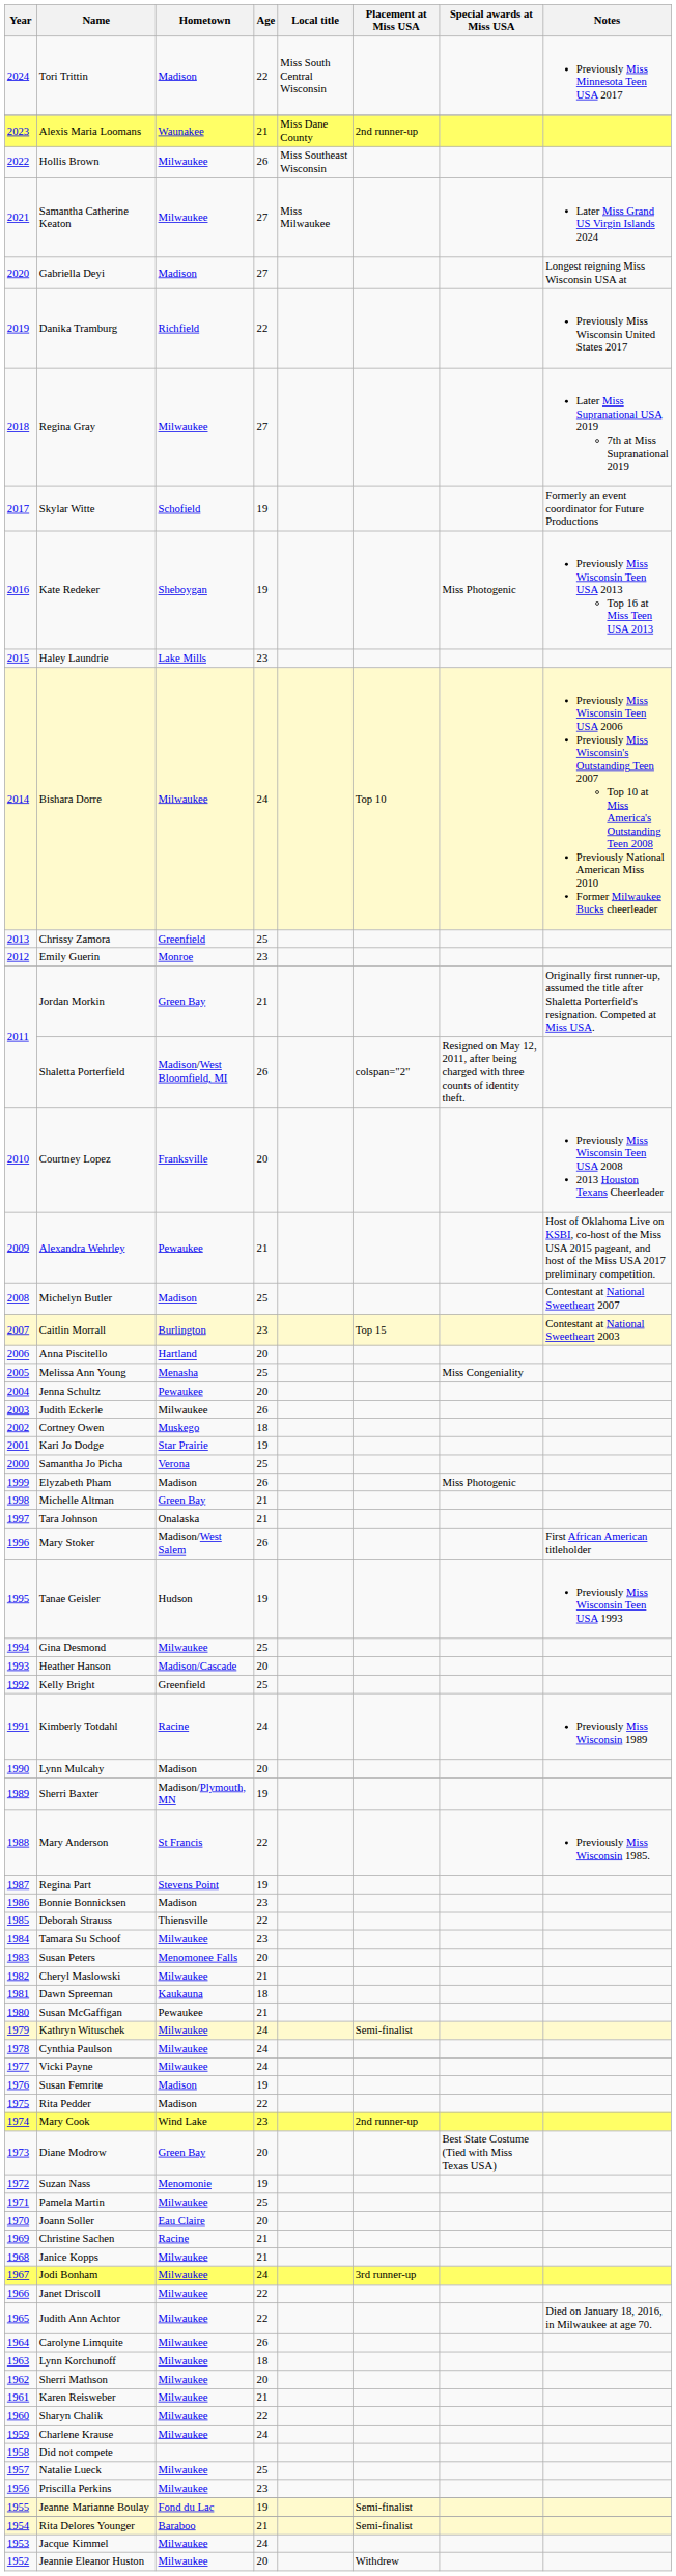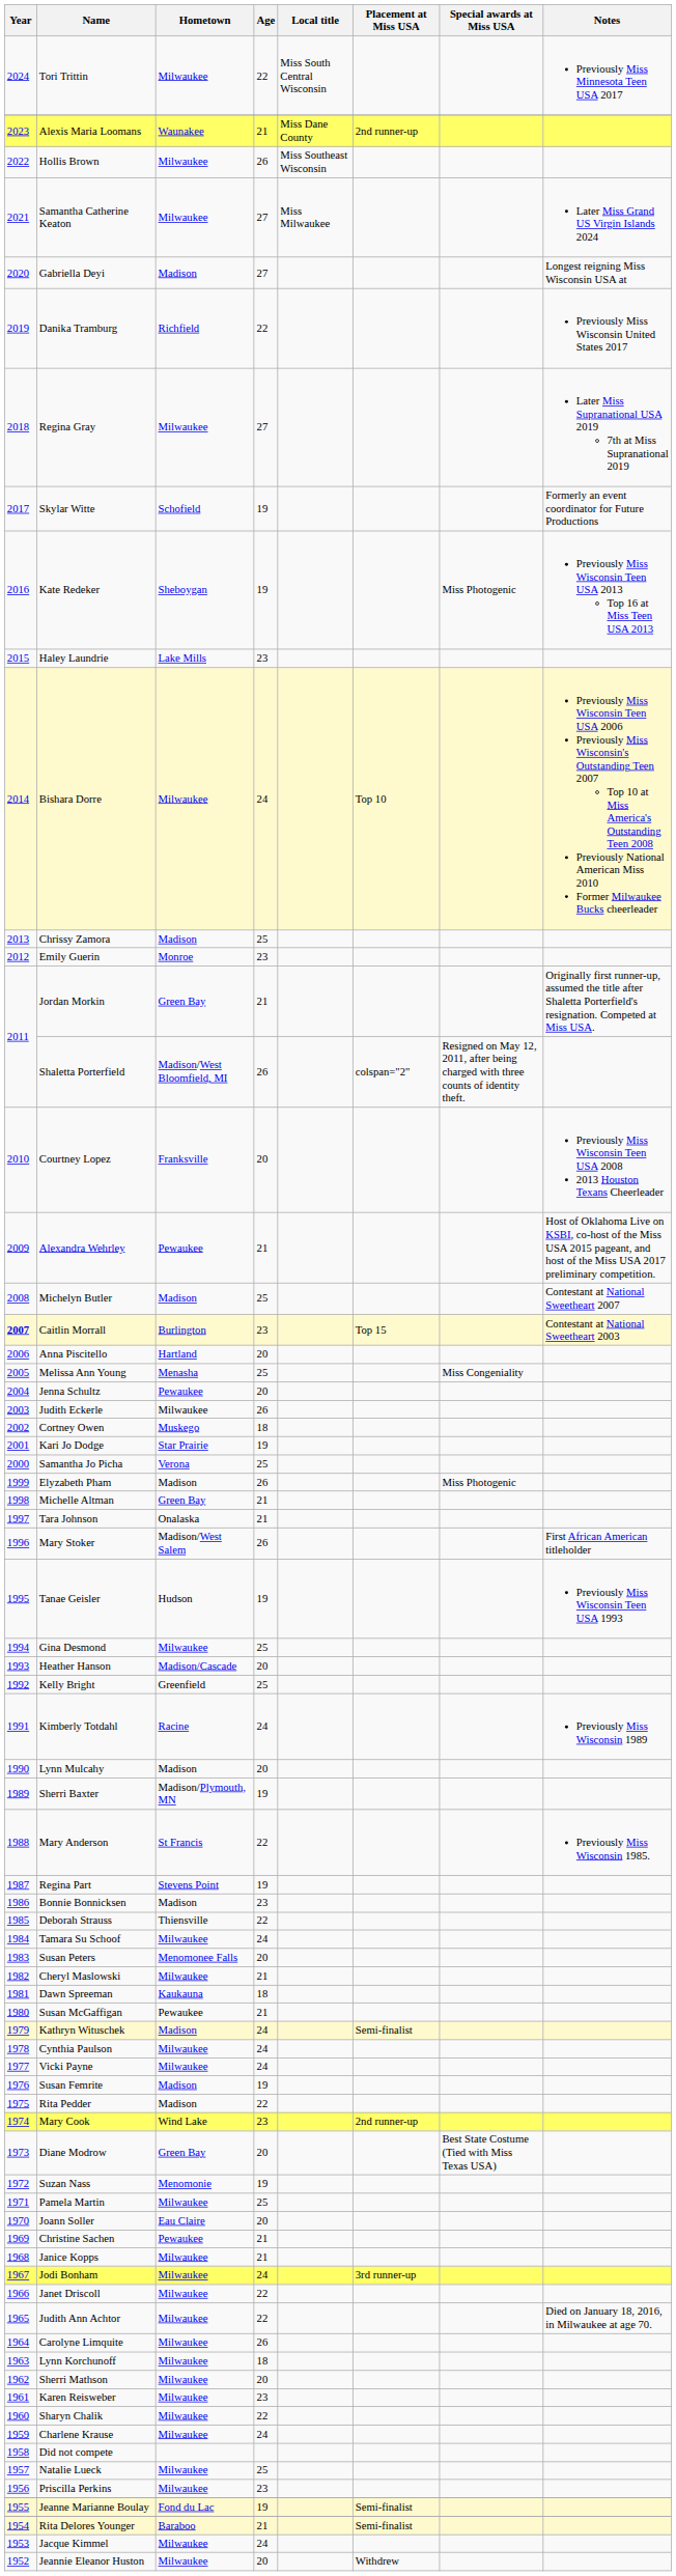 <table class="wikitable sortable" style="font-size:90%;">
 <tr bgcolor="#efefef">
 <th width=5%>Year</th>
 <th width=20%>Name</th>
 <th width=15%>Hometown</th>
 <th width=3%>Age</th>
 <th width=12%>Local title</th>
 <th width=14%>Placement at Miss USA</th>
 <th width=17%>Special awards at Miss USA</th>
 <th width=26%>Notes</th>
 </tr>
 <tr>
 <td><a href='#'>2024</a></td>
 <td>Tori Trittin</td>
-<td><a href='#'>Madison</a></td>
+<td><a href='#'>Milwaukee</a></td>
 <td>22</td>
 <td>Miss South Central Wisconsin</td>
 <td></td>
 <td></td>
 <td><br><ul><li>Previously <a href='#'>Miss Minnesota Teen USA</a> 2017</li></ul></td>
 </tr>
 <tr>
 </tr>
 <tr style="background-color:#FFFF66;">
 <td><a href='#'>2023</a></td>
 <td>Alexis Maria Loomans</td>
 <td><a href='#'>Waunakee</a></td>
 <td>21</td>
 <td>Miss Dane County</td>
 <td>2nd runner-up</td>
 <td></td>
 <td></td>
 </tr>
 <tr>
 <td><a href='#'>2022</a></td>
 <td>Hollis Brown</td>
 <td><a href='#'>Milwaukee</a></td>
 <td>26</td>
 <td>Miss Southeast Wisconsin</td>
 <td></td>
 <td></td>
 <td></td>
 </tr>
 <tr>
 <td><a href='#'>2021</a></td>
 <td>Samantha Catherine Keaton</td>
 <td><a href='#'>Milwaukee</a></td>
 <td>27</td>
 <td>Miss Milwaukee</td>
 <td></td>
 <td></td>
 <td><br><ul><li>Later <a href='#'>Miss Grand US Virgin Islands</a> 2024</li></ul></td>
 </tr>
 <tr>
 <td><a href='#'>2020</a></td>
 <td>Gabriella Deyi</td>
 <td><a href='#'>Madison</a></td>
 <td>27</td>
 <td></td>
 <td></td>
 <td></td>
 <td>Longest reigning Miss Wisconsin USA at </td>
 </tr>
 <tr>
 <td><a href='#'>2019</a></td>
 <td>Danika Tramburg</td>
 <td><a href='#'>Richfield</a></td>
 <td>22</td>
 <td></td>
 <td></td>
 <td></td>
 <td><br><ul><li>Previously Miss Wisconsin United States 2017</li></ul></td>
 </tr>
 <tr>
 <td><a href='#'>2018</a></td>
 <td>Regina Gray</td>
 <td><a href='#'>Milwaukee</a></td>
 <td>27</td>
 <td></td>
 <td></td>
 <td></td>
 <td><br><ul><li>Later <a href='#'>Miss Supranational USA</a> 2019<ul><li>7th at Miss Supranational 2019</li></ul></li></ul></td>
 </tr>
 <tr>
 <td><a href='#'>2017</a></td>
 <td>Skylar Witte</td>
 <td><a href='#'>Schofield</a></td>
 <td>19</td>
 <td></td>
 <td></td>
 <td></td>
 <td>Formerly an event coordinator for Future Productions</td>
 </tr>
 <tr>
 <td><a href='#'>2016</a></td>
 <td>Kate Redeker</td>
 <td><a href='#'>Sheboygan</a></td>
 <td>19</td>
 <td></td>
 <td></td>
 <td>Miss Photogenic</td>
 <td><br><ul><li>Previously <a href='#'>Miss Wisconsin Teen USA</a> 2013<ul><li>Top 16 at <a href='#'>Miss Teen USA 2013</a></li></ul></li></ul></td>
 </tr>
 <tr>
 <td><a href='#'>2015</a></td>
 <td>Haley Laundrie</td>
 <td><a href='#'>Lake Mills</a></td>
 <td>23</td>
 <td></td>
 <td></td>
 <td></td>
 <td></td>
 </tr>
 <tr style="background-color:#FFFACD;">
 <td><a href='#'>2014</a></td>
 <td>Bishara Dorre</td>
 <td><a href='#'>Milwaukee</a></td>
 <td>24</td>
 <td></td>
 <td>Top 10</td>
 <td></td>
 <td><br><ul><li>Previously <a href='#'>Miss Wisconsin Teen USA</a> 2006</li><li>Previously <a href='#'>Miss Wisconsin's Outstanding Teen</a> 2007<ul><li>Top 10 at <a href='#'>Miss America's Outstanding Teen 2008</a></li></ul></li><li>Previously National American Miss 2010</li><li>Former <a href='#'>Milwaukee Bucks</a> cheerleader</li></ul></td>
 </tr>
 <tr>
 <td><a href='#'>2013</a></td>
 <td>Chrissy Zamora</td>
-<td><a href='#'>Greenfield</a></td>
+<td><a href='#'>Madison</a></td>
 <td>25</td>
 <td></td>
 <td></td>
 <td></td>
 <td></td>
 </tr>
 <tr>
 <td><a href='#'>2012</a></td>
 <td>Emily Guerin</td>
 <td><a href='#'>Monroe</a></td>
 <td>23</td>
 <td></td>
 <td></td>
 <td></td>
 <td></td>
 </tr>
 <tr>
 <td rowspan=2><a href='#'>2011</a></td>
 <td>Jordan Morkin</td>
 <td><a href='#'>Green Bay</a></td>
 <td>21</td>
 <td></td>
 <td></td>
 <td></td>
 <td>Originally first runner-up, assumed the title after Shaletta Porterfield's resignation. Competed at <a href='#'>Miss USA</a>.</td>
 </tr>
 <tr>
 <td>Shaletta Porterfield</td>
 <td><a href='#'>Madison</a>/<a href='#'>West Bloomfield, MI</a></td>
 <td>26</td>
 <td></td>
 <td>colspan="2" </td>
 <td>Resigned on May 12, 2011, after being charged with three counts of identity theft.</td>
 </tr>
 <tr>
 <td><a href='#'>2010</a></td>
 <td>Courtney Lopez</td>
 <td><a href='#'>Franksville</a></td>
 <td>20</td>
 <td></td>
 <td></td>
 <td></td>
 <td><br><ul><li>Previously <a href='#'>Miss Wisconsin Teen USA</a> 2008</li><li>2013 <a href='#'>Houston Texans</a> Cheerleader</li></ul></td>
 </tr>
 <tr>
 <td><a href='#'>2009</a></td>
 <td><a href='#'>Alexandra Wehrley</a></td>
 <td><a href='#'>Pewaukee</a></td>
 <td>21</td>
 <td></td>
 <td></td>
 <td></td>
 <td>Host of Oklahoma Live on <a href='#'>KSBI</a>, co-host of the Miss USA 2015 pageant, and host of the Miss USA 2017 preliminary competition.</td>
 </tr>
 <tr>
 <td><a href='#'>2008</a></td>
 <td>Michelyn Butler</td>
 <td><a href='#'>Madison</a></td>
 <td>25</td>
 <td></td>
 <td></td>
 <td></td>
 <td>Contestant at <a href='#'>National Sweetheart</a> 2007</td>
 </tr>
 <tr style="background-color:#FFFACD;">
-<td><a href='#'>2007</a></td>
+<td><strong><a href='#'>2007</a></strong></td>
 <td>Caitlin Morrall</td>
 <td><a href='#'>Burlington</a></td>
 <td>23</td>
 <td></td>
 <td>Top 15</td>
 <td></td>
 <td>Contestant at <a href='#'>National Sweetheart</a> 2003</td>
 </tr>
 <tr>
 <td><a href='#'>2006</a></td>
 <td>Anna Piscitello</td>
 <td><a href='#'>Hartland</a></td>
 <td>20</td>
 <td></td>
 <td></td>
 <td></td>
 <td></td>
 </tr>
 <tr>
 <td><a href='#'>2005</a></td>
 <td>Melissa Ann Young</td>
 <td><a href='#'>Menasha</a></td>
 <td>25</td>
 <td></td>
 <td></td>
 <td>Miss Congeniality</td>
 <td></td>
 </tr>
 <tr>
 <td><a href='#'>2004</a></td>
 <td>Jenna Schultz</td>
 <td><a href='#'>Pewaukee</a></td>
 <td>20</td>
 <td></td>
 <td></td>
 <td></td>
 <td></td>
 </tr>
 <tr>
 <td><a href='#'>2003</a></td>
 <td>Judith Eckerle</td>
 <td>Milwaukee</td>
 <td>26</td>
 <td></td>
 <td></td>
 <td></td>
 <td></td>
 </tr>
 <tr>
 <td><a href='#'>2002</a></td>
 <td>Cortney Owen</td>
 <td><a href='#'>Muskego</a></td>
 <td>18</td>
 <td></td>
 <td></td>
 <td></td>
 <td></td>
 </tr>
 <tr>
 <td><a href='#'>2001</a></td>
 <td>Kari Jo Dodge</td>
 <td><a href='#'>Star Prairie</a></td>
 <td>19</td>
 <td></td>
 <td></td>
 <td></td>
 <td></td>
 </tr>
 <tr>
 <td><a href='#'>2000</a></td>
 <td>Samantha Jo Picha</td>
 <td><a href='#'>Verona</a></td>
 <td>25</td>
 <td></td>
 <td></td>
 <td></td>
 <td></td>
 </tr>
 <tr>
 <td><a href='#'>1999</a></td>
 <td>Elyzabeth Pham</td>
 <td>Madison</td>
 <td>26</td>
 <td></td>
 <td></td>
 <td>Miss Photogenic</td>
 <td></td>
 </tr>
 <tr>
 <td><a href='#'>1998</a></td>
 <td>Michelle Altman</td>
 <td><a href='#'>Green Bay</a></td>
 <td>21</td>
 <td></td>
 <td></td>
 <td></td>
 <td></td>
 </tr>
 <tr>
 <td><a href='#'>1997</a></td>
 <td>Tara Johnson</td>
 <td>Onalaska</td>
 <td>21</td>
 <td></td>
 <td></td>
 <td></td>
 <td></td>
 </tr>
 <tr>
 <td><a href='#'>1996</a></td>
 <td>Mary Stoker</td>
 <td>Madison/<a href='#'>West Salem</a></td>
 <td>26</td>
 <td></td>
 <td></td>
 <td></td>
 <td>First <a href='#'>African American</a> titleholder</td>
 </tr>
 <tr>
 <td><a href='#'>1995</a></td>
 <td>Tanae Geisler</td>
 <td>Hudson</td>
 <td>19</td>
 <td></td>
 <td></td>
 <td></td>
 <td><br><ul><li>Previously <a href='#'>Miss Wisconsin Teen USA</a> 1993</li></ul></td>
 </tr>
 <tr>
 <td><a href='#'>1994</a></td>
 <td>Gina Desmond</td>
 <td><a href='#'>Milwaukee</a></td>
 <td>25</td>
 <td></td>
 <td></td>
 <td></td>
 <td></td>
 </tr>
 <tr>
 <td><a href='#'>1993</a></td>
 <td>Heather Hanson</td>
 <td><a href='#'>Madison/Cascade</a></td>
 <td>20</td>
 <td></td>
 <td></td>
 <td></td>
 <td></td>
 </tr>
 <tr>
 <td><a href='#'>1992</a></td>
 <td>Kelly Bright</td>
 <td>Greenfield</td>
 <td>25</td>
 <td></td>
 <td></td>
 <td></td>
 <td></td>
 </tr>
 <tr>
 <td><a href='#'>1991</a></td>
 <td>Kimberly Totdahl</td>
 <td><a href='#'>Racine</a></td>
 <td>24</td>
 <td></td>
 <td></td>
 <td></td>
 <td><br><ul><li>Previously <a href='#'>Miss Wisconsin</a> 1989</li></ul></td>
 </tr>
 <tr>
 <td><a href='#'>1990</a></td>
 <td>Lynn Mulcahy</td>
 <td>Madison</td>
 <td>20</td>
 <td></td>
 <td></td>
 <td></td>
 <td></td>
 </tr>
 <tr>
 <td><a href='#'>1989</a></td>
 <td>Sherri Baxter</td>
 <td>Madison/<a href='#'>Plymouth, MN</a></td>
 <td>19</td>
 <td></td>
 <td></td>
 <td></td>
 <td></td>
 </tr>
 <tr>
 <td><a href='#'>1988</a></td>
 <td>Mary Anderson</td>
 <td><a href='#'>St Francis</a></td>
 <td>22</td>
 <td></td>
 <td></td>
 <td></td>
 <td><br><ul><li>Previously <a href='#'>Miss Wisconsin</a> 1985.</li></ul></td>
 </tr>
 <tr>
 <td><a href='#'>1987</a></td>
 <td>Regina Part</td>
 <td><a href='#'>Stevens Point</a></td>
 <td>19</td>
 <td></td>
 <td></td>
 <td></td>
 <td></td>
 </tr>
 <tr>
 <td><a href='#'>1986</a></td>
 <td>Bonnie Bonnicksen</td>
 <td>Madison</td>
 <td>23</td>
 <td></td>
 <td></td>
 <td></td>
 <td></td>
 </tr>
 <tr>
 <td><a href='#'>1985</a></td>
 <td>Deborah Strauss</td>
 <td>Thiensville</td>
 <td>22</td>
 <td></td>
 <td></td>
 <td></td>
 <td></td>
 </tr>
 <tr>
 <td><a href='#'>1984</a></td>
 <td>Tamara Su Schoof</td>
 <td><a href='#'>Milwaukee</a></td>
-<td>23</td>
+<td>24</td>
 <td></td>
 <td></td>
 <td></td>
 <td></td>
 </tr>
 <tr>
 <td><a href='#'>1983</a></td>
 <td>Susan Peters</td>
 <td><a href='#'>Menomonee Falls</a></td>
 <td>20</td>
 <td></td>
 <td></td>
 <td></td>
 <td></td>
 </tr>
 <tr>
 <td><a href='#'>1982</a></td>
 <td>Cheryl Maslowski</td>
 <td><a href='#'>Milwaukee</a></td>
 <td>21</td>
 <td></td>
 <td></td>
 <td></td>
 <td></td>
 </tr>
 <tr>
 <td><a href='#'>1981</a></td>
 <td>Dawn Spreeman</td>
 <td><a href='#'>Kaukauna</a></td>
 <td>18</td>
 <td></td>
 <td></td>
 <td></td>
 <td></td>
 </tr>
 <tr>
 <td><a href='#'>1980</a></td>
 <td>Susan McGaffigan</td>
 <td>Pewaukee</td>
 <td>21</td>
 <td></td>
 <td></td>
 <td></td>
 <td></td>
 </tr>
 <tr style="background-color:#FFFACD;">
 <td><a href='#'>1979</a></td>
 <td>Kathryn Wituschek</td>
-<td><a href='#'>Milwaukee</a></td>
+<td><a href='#'>Madison</a></td>
 <td>24</td>
 <td></td>
 <td>Semi-finalist</td>
 <td></td>
 <td></td>
 </tr>
 <tr>
 <td><a href='#'>1978</a></td>
 <td>Cynthia Paulson</td>
 <td><a href='#'>Milwaukee</a></td>
 <td>24</td>
 <td></td>
 <td></td>
 <td></td>
 <td></td>
 </tr>
 <tr>
 <td><a href='#'>1977</a></td>
 <td>Vicki Payne</td>
 <td><a href='#'>Milwaukee</a></td>
 <td>24</td>
 <td></td>
 <td></td>
 <td></td>
 <td></td>
 </tr>
 <tr>
 <td><a href='#'>1976</a></td>
 <td>Susan Femrite</td>
 <td><a href='#'>Madison</a></td>
 <td>19</td>
 <td></td>
 <td></td>
 <td></td>
 <td></td>
 </tr>
 <tr>
 <td><a href='#'>1975</a></td>
 <td>Rita Pedder</td>
 <td>Madison</td>
 <td>22</td>
 <td></td>
 <td></td>
 <td></td>
 <td></td>
 </tr>
 <tr style="background-color:#FFFF66;">
 <td><a href='#'>1974</a></td>
 <td>Mary Cook</td>
 <td>Wind Lake</td>
 <td>23</td>
 <td></td>
 <td>2nd runner-up</td>
 <td></td>
 <td></td>
 </tr>
 <tr>
 <td><a href='#'>1973</a></td>
 <td>Diane Modrow</td>
 <td><a href='#'>Green Bay</a></td>
 <td>20</td>
 <td></td>
 <td></td>
 <td>Best State Costume (Tied with Miss Texas USA)</td>
 <td></td>
 </tr>
 <tr>
 <td><a href='#'>1972</a></td>
 <td>Suzan Nass</td>
 <td><a href='#'>Menomonie</a></td>
 <td>19</td>
 <td></td>
 <td></td>
 <td></td>
 <td></td>
 </tr>
 <tr>
 <td><a href='#'>1971</a></td>
 <td>Pamela Martin</td>
 <td><a href='#'>Milwaukee</a></td>
 <td>25</td>
 <td></td>
 <td></td>
 <td></td>
 <td></td>
 </tr>
 <tr>
 <td><a href='#'>1970</a></td>
 <td>Joann Soller</td>
 <td><a href='#'>Eau Claire</a></td>
 <td>20</td>
 <td></td>
 <td></td>
 <td></td>
 <td></td>
 </tr>
 <tr>
 <td><a href='#'>1969</a></td>
 <td>Christine Sachen</td>
-<td><a href='#'>Racine</a></td>
+<td><a href='#'>Pewaukee</a></td>
 <td>21</td>
 <td></td>
 <td></td>
 <td></td>
 <td></td>
 </tr>
 <tr>
 <td><a href='#'>1968</a></td>
 <td>Janice Kopps</td>
 <td><a href='#'>Milwaukee</a></td>
 <td>21</td>
 <td></td>
 <td></td>
 <td></td>
 <td></td>
 </tr>
 <tr style="background-color:#FFFF66;">
 <td><a href='#'>1967</a></td>
 <td>Jodi Bonham</td>
 <td><a href='#'>Milwaukee</a></td>
 <td>24</td>
 <td></td>
 <td>3rd runner-up</td>
 <td></td>
 <td></td>
 </tr>
 <tr>
 <td><a href='#'>1966</a></td>
 <td>Janet Driscoll</td>
 <td><a href='#'>Milwaukee</a></td>
 <td>22</td>
 <td></td>
 <td></td>
 <td></td>
 <td></td>
 </tr>
 <tr>
 <td><a href='#'>1965</a></td>
 <td>Judith Ann Achtor</td>
 <td><a href='#'>Milwaukee</a></td>
 <td>22</td>
 <td></td>
 <td></td>
 <td></td>
 <td>Died on January 18, 2016, in Milwaukee at age 70.</td>
 </tr>
 <tr>
 <td><a href='#'>1964</a></td>
 <td>Carolyne Limquite</td>
 <td><a href='#'>Milwaukee</a></td>
 <td>26</td>
 <td></td>
 <td></td>
 <td></td>
 <td></td>
 </tr>
 <tr>
 <td><a href='#'>1963</a></td>
 <td>Lynn Korchunoff</td>
 <td><a href='#'>Milwaukee</a></td>
 <td>18</td>
 <td></td>
 <td></td>
 <td></td>
 <td></td>
 </tr>
 <tr>
 <td><a href='#'>1962</a></td>
 <td>Sherri Mathson</td>
 <td><a href='#'>Milwaukee</a></td>
 <td>20</td>
 <td></td>
 <td></td>
 <td></td>
 <td></td>
 </tr>
 <tr>
 <td><a href='#'>1961</a></td>
 <td>Karen Reisweber</td>
 <td><a href='#'>Milwaukee</a></td>
-<td>21</td>
+<td>23</td>
 <td></td>
 <td></td>
 <td></td>
 <td></td>
 </tr>
 <tr>
 <td><a href='#'>1960</a></td>
 <td>Sharyn Chalik</td>
 <td><a href='#'>Milwaukee</a></td>
 <td>22</td>
 <td></td>
 <td></td>
 <td></td>
 <td></td>
 </tr>
 <tr>
 <td><a href='#'>1959</a></td>
 <td>Charlene Krause</td>
 <td><a href='#'>Milwaukee</a></td>
 <td>24</td>
 <td></td>
 <td></td>
 <td></td>
 <td></td>
 </tr>
 <tr>
 <td><a href='#'>1958</a></td>
 <td>Did not compete</td>
 <td></td>
 <td></td>
 <td></td>
 <td></td>
 <td></td>
 <td></td>
 </tr>
 <tr>
 <td><a href='#'>1957</a></td>
 <td>Natalie Lueck</td>
 <td><a href='#'>Milwaukee</a></td>
 <td>25</td>
 <td></td>
 <td></td>
 <td></td>
 <td></td>
 </tr>
 <tr>
 <td><a href='#'>1956</a></td>
 <td>Priscilla Perkins</td>
 <td><a href='#'>Milwaukee</a></td>
 <td>23</td>
 <td></td>
 <td></td>
 <td></td>
 <td></td>
 </tr>
 <tr>
 </tr>
 <tr style="background-color:#FFFACD;">
 <td><a href='#'>1955</a></td>
 <td>Jeanne Marianne Boulay</td>
 <td><a href='#'>Fond du Lac</a></td>
 <td>19</td>
 <td></td>
 <td>Semi-finalist</td>
 <td></td>
 <td></td>
 </tr>
 <tr>
 </tr>
 <tr style="background-color:#FFFACD;">
 <td><a href='#'>1954</a></td>
 <td>Rita Delores Younger</td>
 <td><a href='#'>Baraboo</a></td>
 <td>21</td>
 <td></td>
 <td>Semi-finalist</td>
 <td></td>
 <td></td>
 </tr>
 <tr>
 <td><a href='#'>1953</a></td>
 <td>Jacque Kimmel</td>
 <td><a href='#'>Milwaukee</a></td>
 <td>24</td>
 <td></td>
 <td></td>
 <td></td>
 <td></td>
 </tr>
 <tr>
 <td><a href='#'>1952</a></td>
 <td>Jeannie Eleanor Huston</td>
 <td><a href='#'>Milwaukee</a></td>
 <td>20</td>
 <td></td>
 <td>Withdrew</td>
 <td></td>
 <td></td>
 </tr>
 </table>
